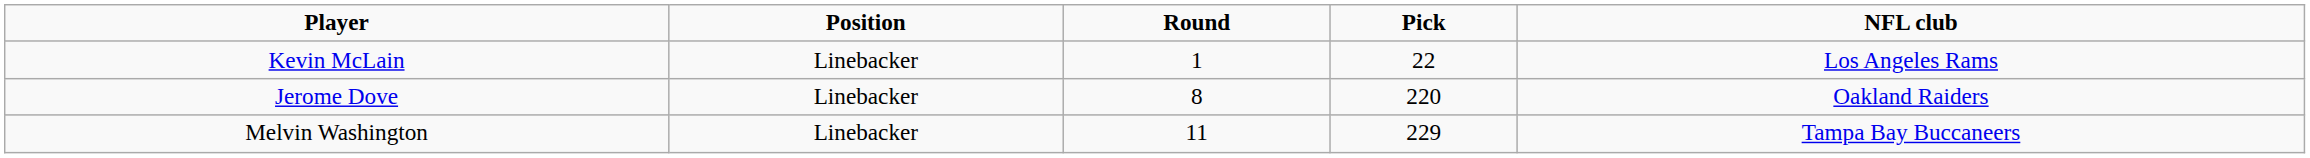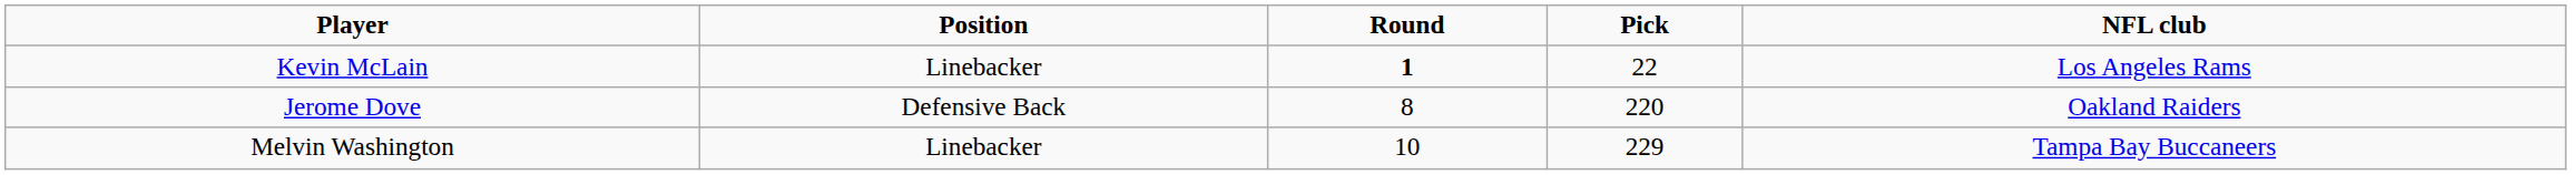 <table class="wikitable" width="80%">
 <tr align="center">
 <td><strong>Player</strong></td>
 <td><strong>Position</strong></td>
 <td><strong>Round</strong></td>
 <td><strong>Pick</strong></td>
 <td><strong>NFL club</strong></td>
 </tr>
 <tr align="center" bgcolor="">
 <td><a href='#'>Kevin McLain</a></td>
 <td>Linebacker</td>
-<td>1</td>
+<td><strong>1</strong></td>
 <td>22</td>
 <td><a href='#'>Los Angeles Rams</a></td>
 </tr>
 <tr align="center" bgcolor="">
 <td><a href='#'>Jerome Dove</a></td>
-<td>Linebacker</td>
+<td>Defensive Back</td>
 <td>8</td>
 <td>220</td>
 <td><a href='#'>Oakland Raiders</a></td>
 </tr>
 <tr align="center" bgcolor="">
 <td>Melvin Washington</td>
 <td>Linebacker</td>
-<td>11</td>
+<td>10</td>
 <td>229</td>
 <td><a href='#'>Tampa Bay Buccaneers</a></td>
 </tr>
 </table>
